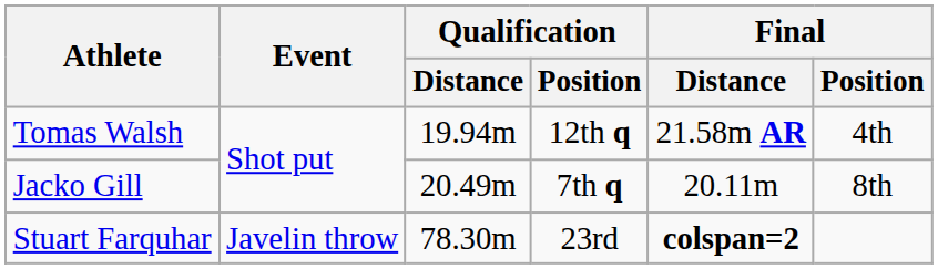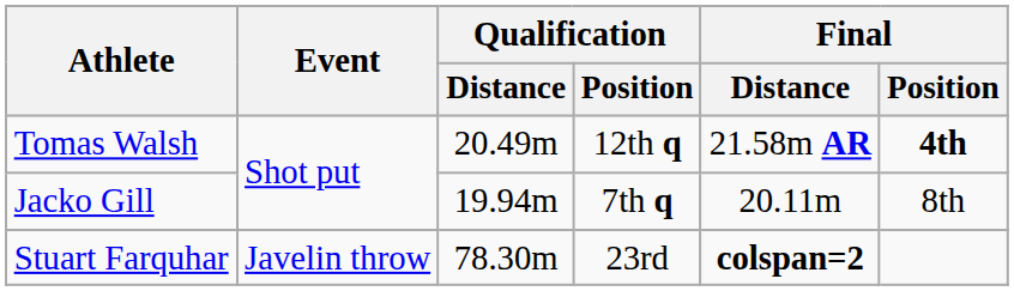 <table class=wikitable style="font-size:90%">
 <tr>
 <th rowspan="2">Athlete</th>
 <th rowspan="2">Event</th>
 <th colspan="2">Qualification</th>
 <th colspan="2">Final</th>
 </tr>
 <tr style="font-size:95%">
 <th>Distance</th>
 <th>Position</th>
 <th>Distance</th>
 <th>Position</th>
 </tr>
 <tr style=text-align:center>
 <td style=text-align:left><a href='#'>Tomas Walsh</a></td>
 <td style=text-align:left rowspan=2><a href='#'>Shot put</a></td>
-<td>19.94m</td>
+<td>20.49m</td>
 <td>12th <strong>q</strong></td>
 <td>21.58m  <strong><a href='#'>AR</a></strong></td>
-<td>4th</td>
+<td><strong>4th</strong></td>
 </tr>
 <tr style=text-align:center>
 <td style=text-align:left><a href='#'>Jacko Gill</a></td>
-<td>20.49m</td>
+<td>19.94m</td>
 <td>7th <strong>q</strong></td>
 <td>20.11m</td>
 <td>8th</td>
 </tr>
 <tr style=text-align:center>
 <td style=text-align:left><a href='#'>Stuart Farquhar</a></td>
 <td style=text-align:left><a href='#'>Javelin throw</a></td>
 <td>78.30m</td>
 <td>23rd</td>
 <td><strong>colspan=2 </strong></td>
 </tr>
 </table>
